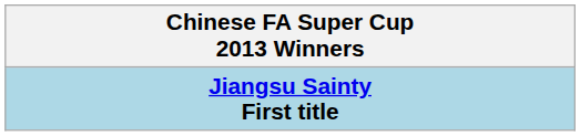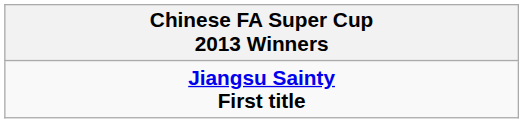 <table class="wikitable" style="text-align: center; margin: 0 auto; width: 20%">
 <tr>
 <th>Chinese FA Super Cup<br>2013 Winners</th>
 </tr>
 <tr>
-<td style="background: lightblue;"><strong><a href='#'>Jiangsu Sainty</a></strong><br><strong>First title</strong></td>
+<td><strong><a href='#'>Jiangsu Sainty</a></strong><br><strong>First title</strong></td>
 </tr>
 </table>
